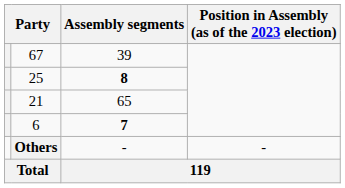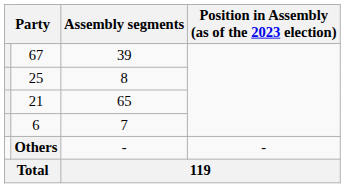 <table class="wikitable sortable" style="text-align:center">
 <tr>
 <th colspan=2>Party</th>
 <th>Assembly segments<br></th>
 <th>Position in Assembly<br>(as of the <a href='#'>2023</a> election)</th>
 </tr>
 <tr>
 <th></th>
 <td>67</td>
 <td>39</td>
 </tr>
 <tr>
 <th></th>
 <td>25</td>
-<td><strong>8</strong></td>
+<td>8</td>
 </tr>
 <tr>
 <th></th>
 <td>21</td>
 <td>65</td>
 </tr>
 <tr>
 <th></th>
 <td>6</td>
-<td><strong>7</strong></td>
+<td>7</td>
 </tr>
 <tr>
 <td></td>
 <th>Others</th>
 <td>-</td>
 <td>-</td>
 </tr>
 <tr>
 <th colspan=2>Total</th>
 <th colspan=2>119</th>
 </tr>
 </table>
